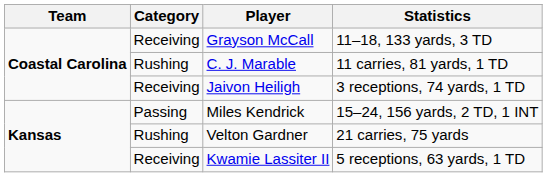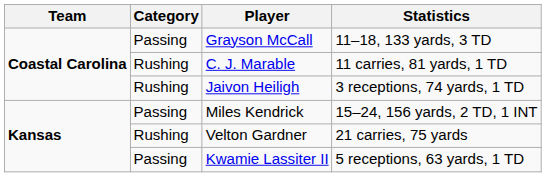 <table class="wikitable" style="float: left;">
 <tr>
 <th>Team</th>
 <th>Category</th>
 <th>Player</th>
 <th>Statistics</th>
 </tr>
 <tr>
 <td rowspan=3><strong>Coastal Carolina</strong></td>
-<td>Receiving</td>
+<td>Passing</td>
 <td><a href='#'>Grayson McCall</a></td>
 <td>11–18, 133 yards, 3 TD</td>
 </tr>
 <tr>
 <td>Rushing</td>
 <td><a href='#'>C. J. Marable</a></td>
 <td>11 carries, 81 yards, 1 TD</td>
 </tr>
 <tr>
-<td>Receiving</td>
+<td>Rushing</td>
 <td><a href='#'>Jaivon Heiligh</a></td>
 <td>3 receptions, 74 yards, 1 TD</td>
 </tr>
 <tr>
 <td rowspan=3><strong>Kansas</strong></td>
 <td>Passing</td>
 <td>Miles Kendrick</td>
 <td>15–24, 156 yards, 2 TD, 1 INT</td>
 </tr>
 <tr>
 <td>Rushing</td>
 <td>Velton Gardner</td>
 <td>21 carries, 75 yards</td>
 </tr>
 <tr>
-<td>Receiving</td>
+<td>Passing</td>
 <td><a href='#'>Kwamie Lassiter II</a></td>
 <td>5 receptions, 63 yards, 1 TD</td>
 </tr>
 </table>
